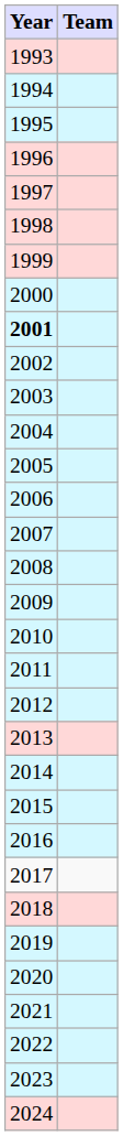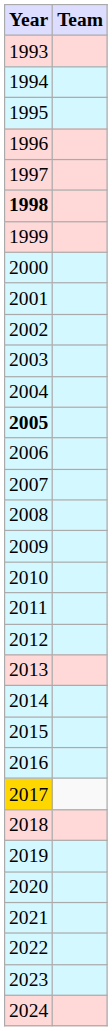 <table class="wikitable sortable">
 <tr>
 <th style="background:#DDDDFF;">Year</th>
 <th style="background:#DDDDFF;">Team</th>
 </tr>
 <tr>
 <td style="background:#FFD8D8">1993</td>
 <td style="background:#FFD8D8"></td>
 </tr>
 <tr>
 <td style="background:#D4F8FF">1994</td>
 <td style="background:#D4F8FF"></td>
 </tr>
 <tr>
 <td style="background:#D4F8FF">1995</td>
 <td style="background:#D4F8FF"></td>
 </tr>
 <tr>
 <td style="background:#FFD8D8">1996</td>
 <td style="background:#FFD8D8"></td>
 </tr>
 <tr>
 <td style="background:#FFD8D8">1997</td>
 <td style="background:#FFD8D8"></td>
 </tr>
 <tr>
-<td style="background:#FFD8D8">1998</td>
+<td style="background:#FFD8D8"><strong>1998</strong></td>
 <td style="background:#FFD8D8"></td>
 </tr>
 <tr>
 <td style="background:#FFD8D8">1999</td>
 <td style="background:#FFD8D8"></td>
 </tr>
 <tr>
 <td style="background:#D4F8FF">2000</td>
 <td style="background:#D4F8FF"></td>
 </tr>
 <tr>
-<td style="background:#D4F8FF"><strong>2001</strong></td>
+<td style="background:#D4F8FF">2001</td>
 <td style="background:#D4F8FF"></td>
 </tr>
 <tr>
 <td style="background:#D4F8FF">2002</td>
 <td style="background:#D4F8FF"></td>
 </tr>
 <tr>
 <td style="background:#D4F8FF">2003</td>
 <td style="background:#D4F8FF"></td>
 </tr>
 <tr>
 <td style="background:#D4F8FF">2004</td>
 <td style="background:#D4F8FF"></td>
 </tr>
 <tr>
-<td style="background:#D4F8FF">2005</td>
+<td style="background:#D4F8FF"><strong>2005</strong></td>
 <td style="background:#D4F8FF"></td>
 </tr>
 <tr>
 <td style="background:#D4F8FF">2006</td>
 <td style="background:#D4F8FF"></td>
 </tr>
 <tr>
 <td style="background:#D4F8FF">2007</td>
 <td style="background:#D4F8FF"></td>
 </tr>
 <tr>
 <td style="background:#D4F8FF">2008</td>
 <td style="background:#D4F8FF"></td>
 </tr>
 <tr>
 <td style="background:#D4F8FF">2009</td>
 <td style="background:#D4F8FF"></td>
 </tr>
 <tr>
 <td style="background:#D4F8FF">2010</td>
 <td style="background:#D4F8FF"></td>
 </tr>
 <tr>
 <td style="background:#D4F8FF">2011</td>
 <td style="background:#D4F8FF"></td>
 </tr>
 <tr>
 <td style="background:#D4F8FF">2012</td>
 <td style="background:#D4F8FF"></td>
 </tr>
 <tr>
 <td style="background:#FFD8D8">2013</td>
 <td style="background:#FFD8D8"></td>
 </tr>
 <tr>
 <td style="background:#D4F8FF">2014</td>
 <td style="background:#D4F8FF"></td>
 </tr>
 <tr>
 <td style="background:#D4F8FF">2015</td>
 <td style="background:#D4F8FF"></td>
 </tr>
 <tr>
 <td style="background:#D4F8FF">2016</td>
 <td style="background:#D4F8FF"></td>
 </tr>
 <tr>
-<td>2017</td>
+<td style="background: gold;">2017</td>
 <td></td>
 </tr>
 <tr>
 <td style="background:#FFD8D8">2018</td>
 <td style="background:#FFD8D8"></td>
 </tr>
 <tr>
 <td style="background:#D4F8FF">2019</td>
 <td style="background:#D4F8FF"></td>
 </tr>
 <tr>
 <td style="background:#D4F8FF">2020</td>
 <td style="background:#D4F8FF"></td>
 </tr>
 <tr>
 <td style="background:#D4F8FF">2021</td>
 <td style="background:#D4F8FF"></td>
 </tr>
 <tr>
 <td style="background:#D4F8FF">2022</td>
 <td style="background:#D4F8FF"></td>
 </tr>
 <tr>
 <td style="background:#D4F8FF">2023</td>
 <td style="background:#D4F8FF"></td>
 </tr>
 <tr>
 <td style="background:#FFD8D8">2024</td>
 <td style="background:#FFD8D8"></td>
 </tr>
 </table>
